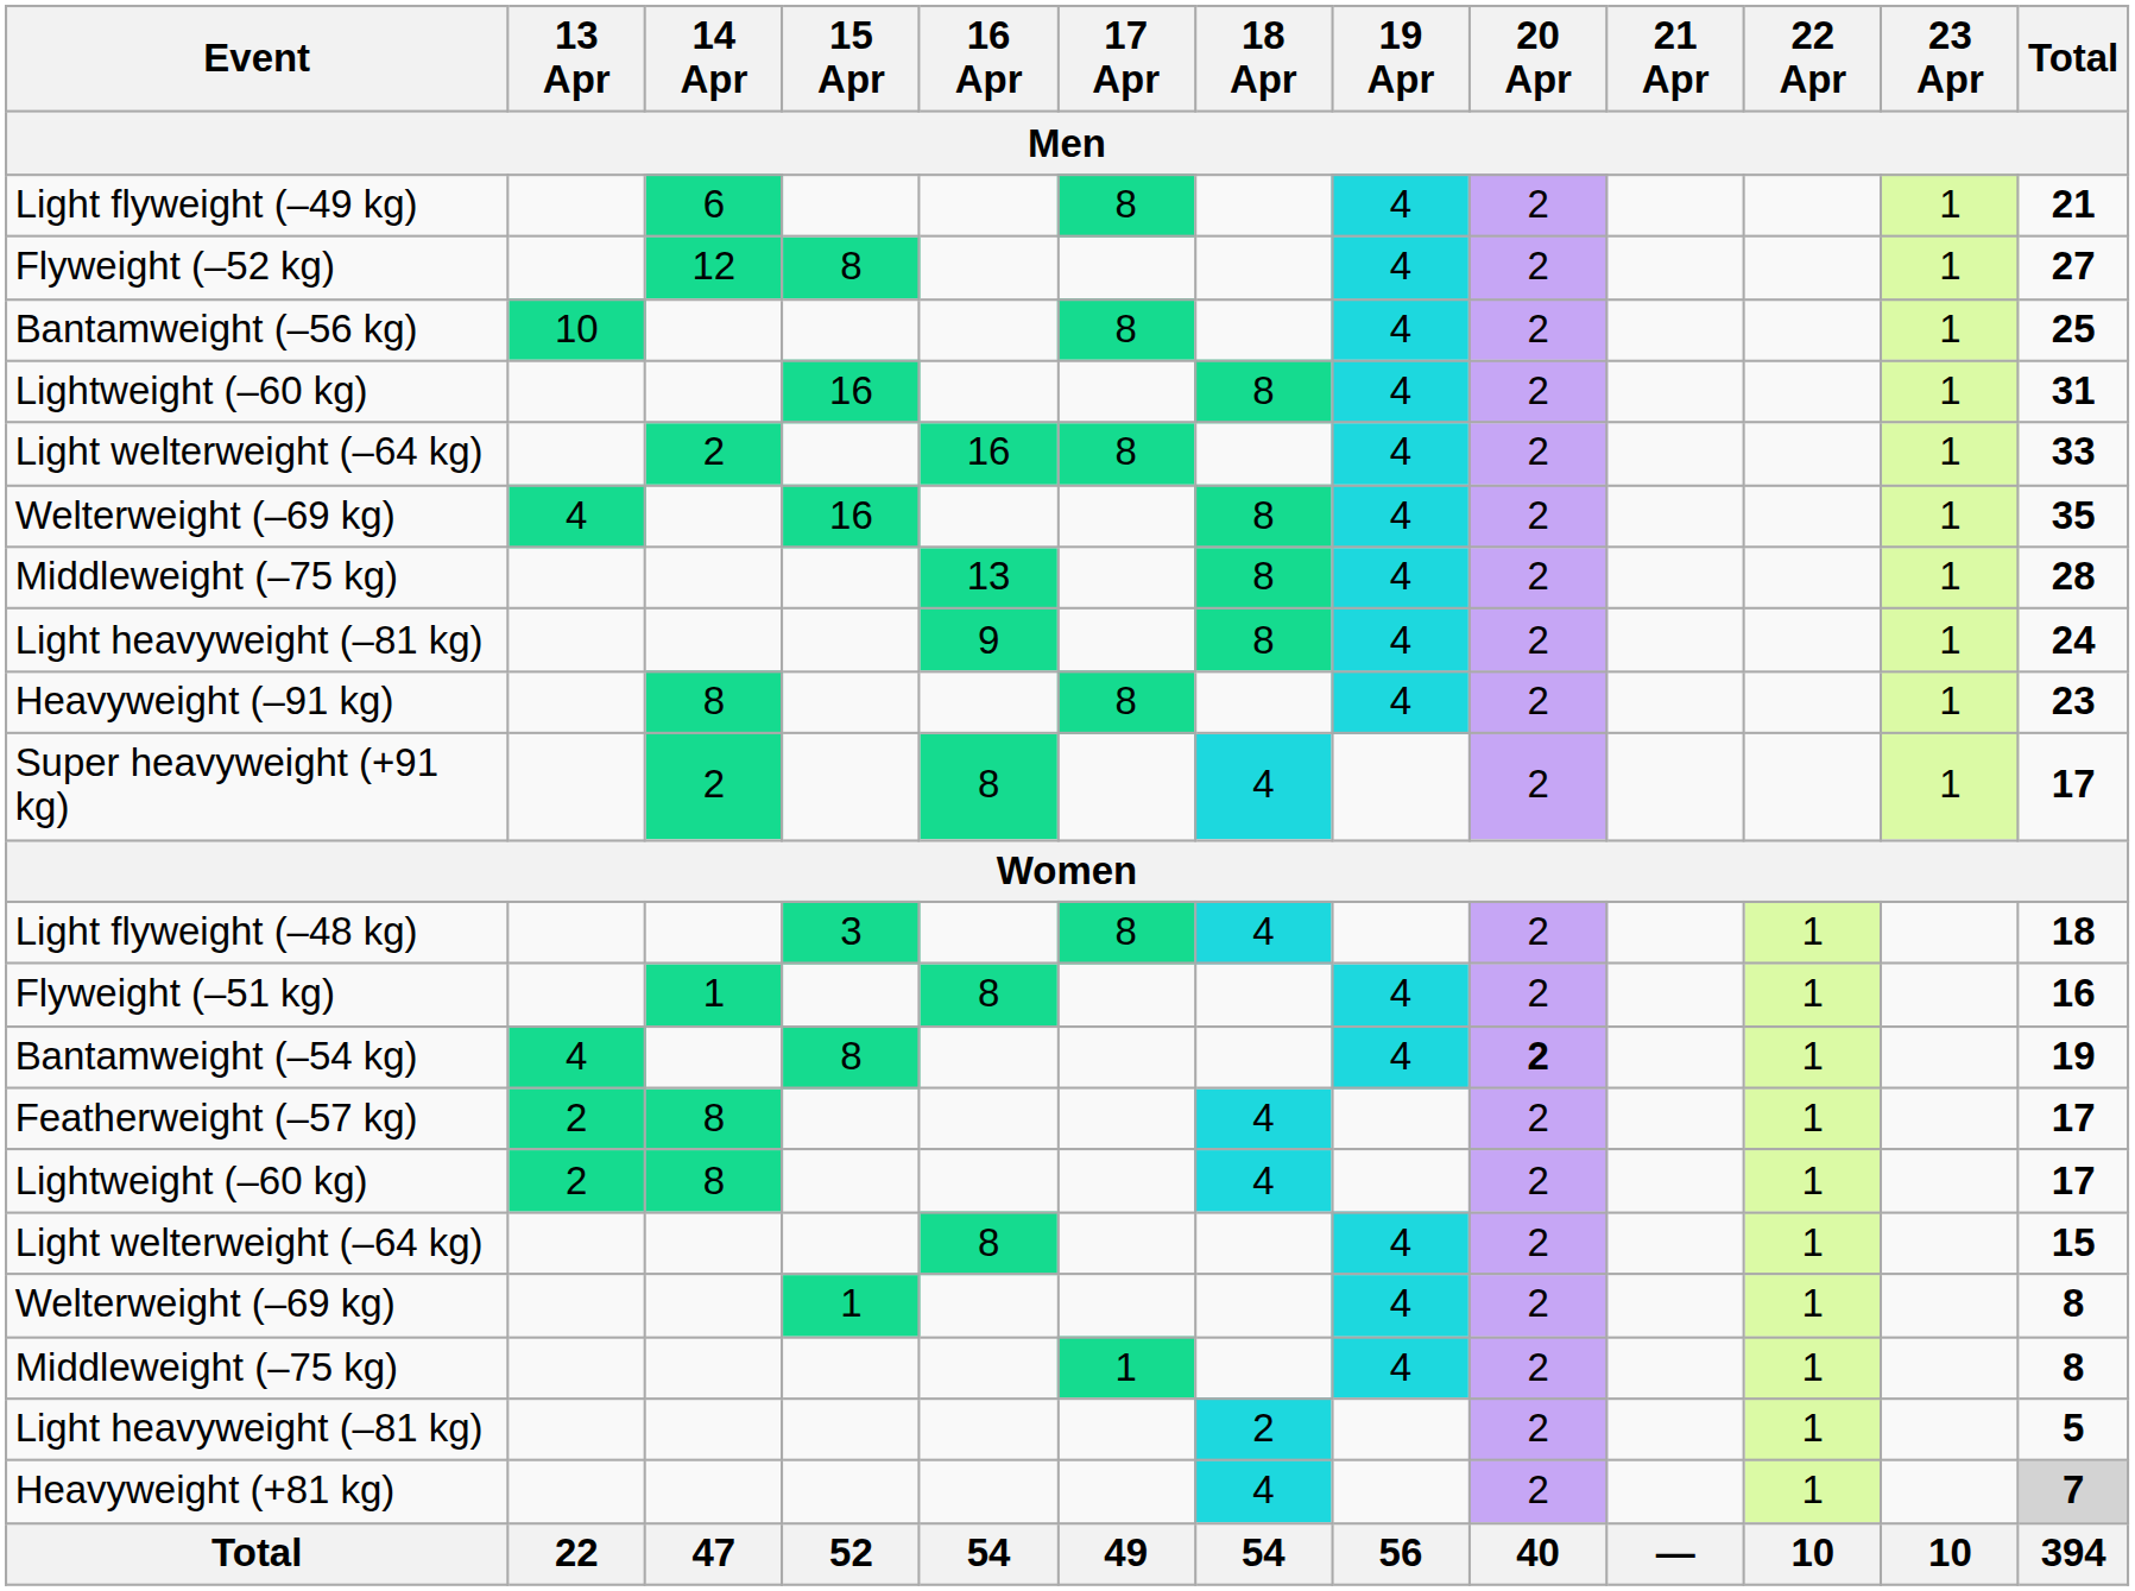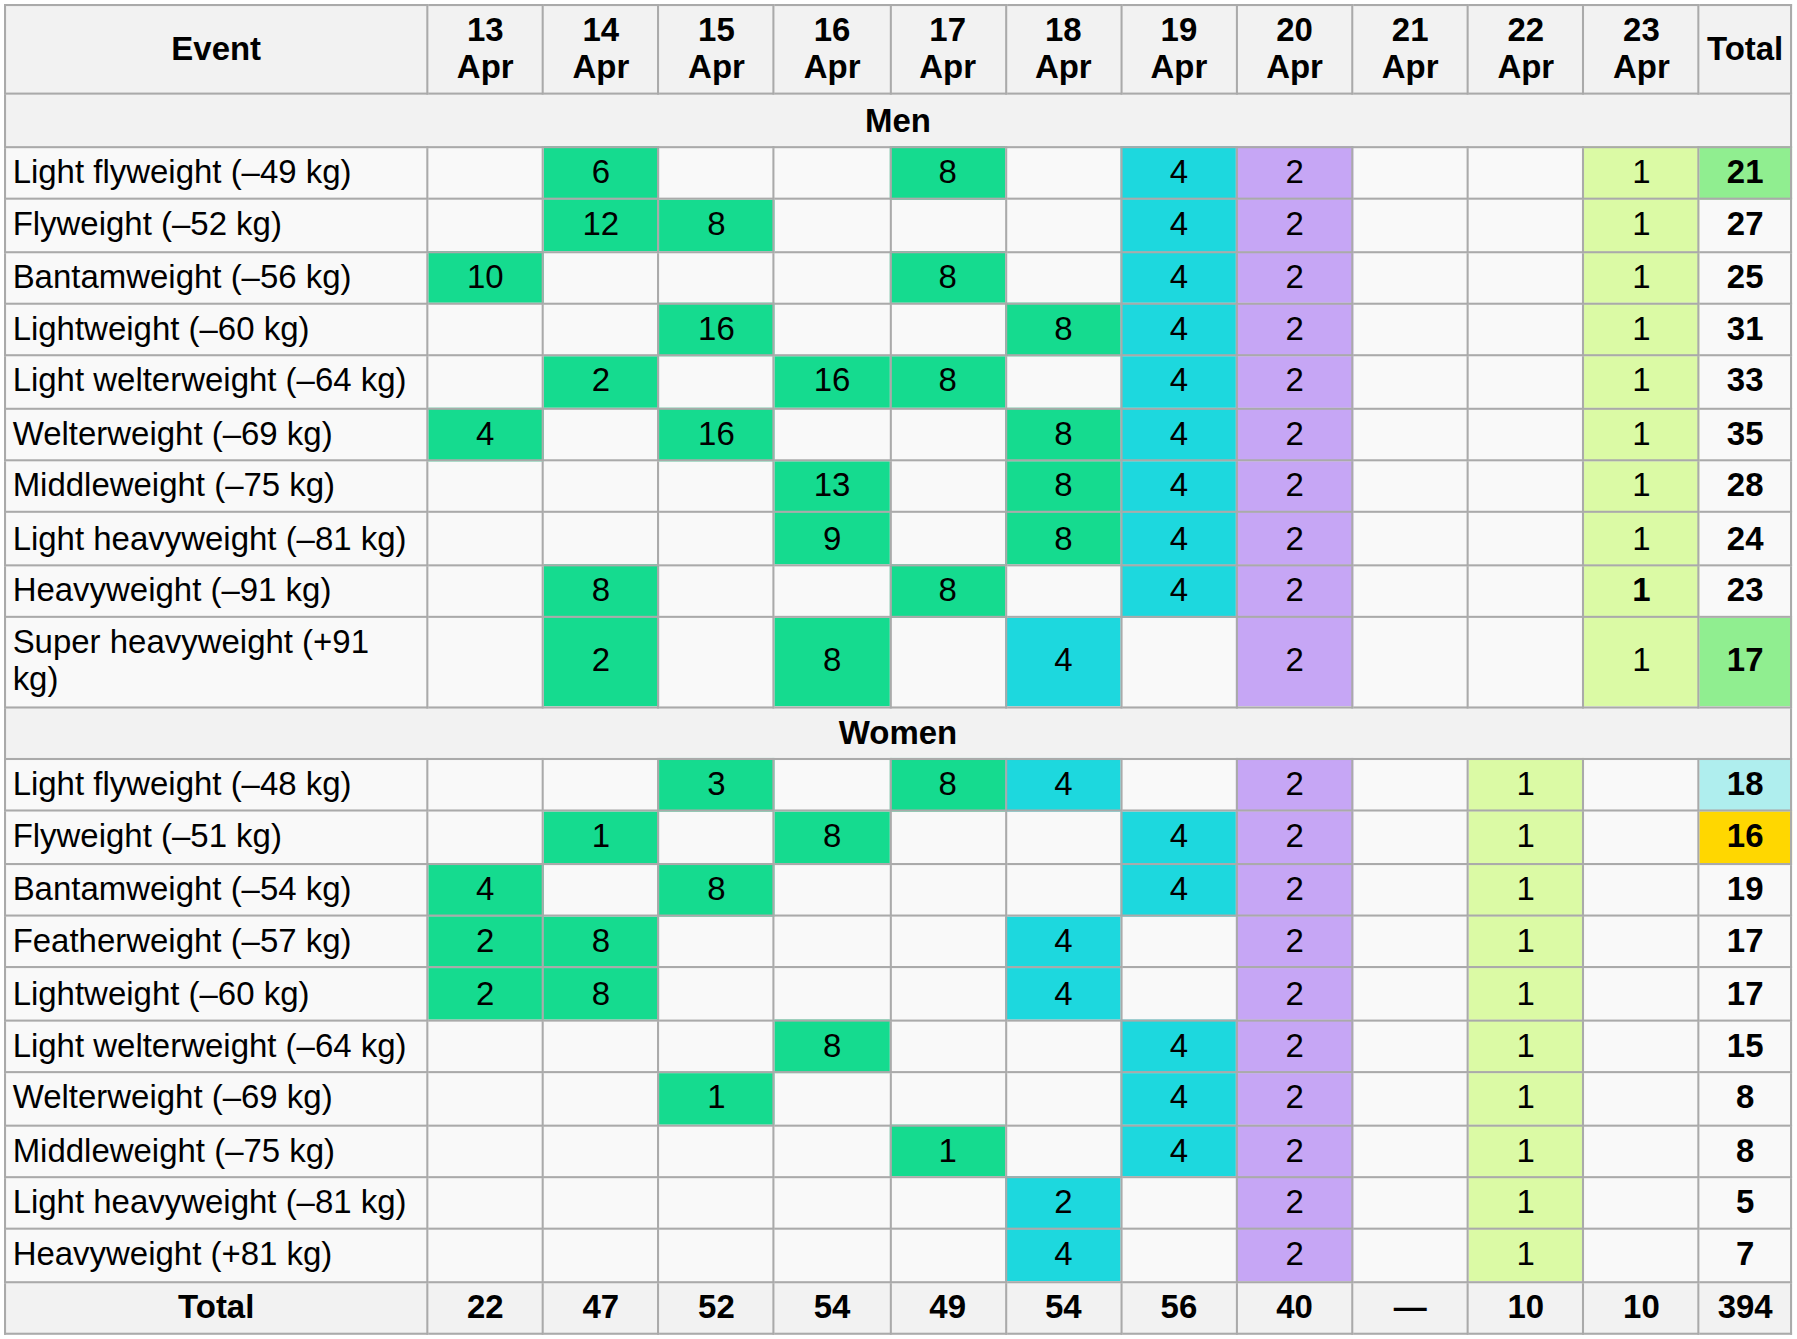 <table class="wikitable" style="text-align:center">
 <tr>
 <th>Event</th>
 <th>13 Apr</th>
 <th>14 Apr</th>
 <th>15 Apr</th>
 <th>16 Apr</th>
 <th>17 Apr</th>
 <th>18 Apr</th>
 <th>19 Apr</th>
 <th>20 Apr</th>
 <th>21 Apr</th>
 <th>22 Apr</th>
 <th>23 Apr</th>
 <th>Total</th>
 </tr>
 <tr>
 <th colspan="13">Men</th>
 </tr>
 <tr>
 <td style="text-align:left">Light flyweight (–49 kg)</td>
 <td></td>
 <td style="background:#15DB8F">6</td>
 <td></td>
 <td></td>
 <td style="background:#15DB8F">8</td>
 <td></td>
 <td style="background:#1DD8DE">4</td>
 <td style="background:#C6A6F5">2</td>
 <td></td>
 <td></td>
 <td style="background:#DBFAA5">1</td>
-<td><strong>21</strong></td>
+<td style="background: lightgreen;"><strong>21</strong></td>
 </tr>
 <tr>
 <td style="text-align:left">Flyweight (–52 kg)</td>
 <td></td>
 <td style="background:#15DB8F">12</td>
 <td style="background:#15DB8F">8</td>
 <td></td>
 <td></td>
 <td></td>
 <td style="background:#1DD8DE">4</td>
 <td style="background:#C6A6F5">2</td>
 <td></td>
 <td></td>
 <td style="background:#DBFAA5">1</td>
 <td><strong>27</strong></td>
 </tr>
 <tr>
 <td style="text-align:left">Bantamweight (–56 kg)</td>
 <td style="background:#15DB8F">10</td>
 <td></td>
 <td></td>
 <td></td>
 <td style="background:#15DB8F">8</td>
 <td></td>
 <td style="background:#1DD8DE">4</td>
 <td style="background:#C6A6F5">2</td>
 <td></td>
 <td></td>
 <td style="background:#DBFAA5">1</td>
 <td><strong>25</strong></td>
 </tr>
 <tr>
 <td style="text-align:left">Lightweight (–60 kg)</td>
 <td></td>
 <td></td>
 <td style="background:#15DB8F">16</td>
 <td></td>
 <td></td>
 <td style="background:#15DB8F">8</td>
 <td style="background:#1DD8DE">4</td>
 <td style="background:#C6A6F5">2</td>
 <td></td>
 <td></td>
 <td style="background:#DBFAA5">1</td>
 <td><strong>31</strong></td>
 </tr>
 <tr>
 <td style="text-align:left">Light welterweight (–64 kg)</td>
 <td></td>
 <td style="background:#15DB8F">2</td>
 <td></td>
 <td style="background:#15DB8F">16</td>
 <td style="background:#15DB8F">8</td>
 <td></td>
 <td style="background:#1DD8DE">4</td>
 <td style="background:#C6A6F5">2</td>
 <td></td>
 <td></td>
 <td style="background:#DBFAA5">1</td>
 <td><strong>33</strong></td>
 </tr>
 <tr>
 <td style="text-align:left">Welterweight (–69 kg)</td>
 <td style="background:#15DB8F">4</td>
 <td></td>
 <td style="background:#15DB8F">16</td>
 <td></td>
 <td></td>
 <td style="background:#15DB8F">8</td>
 <td style="background:#1DD8DE">4</td>
 <td style="background:#C6A6F5">2</td>
 <td></td>
 <td></td>
 <td style="background:#DBFAA5">1</td>
 <td><strong>35</strong></td>
 </tr>
 <tr>
 <td style="text-align:left">Middleweight (–75 kg)</td>
 <td></td>
 <td></td>
 <td></td>
 <td style="background:#15DB8F">13</td>
 <td></td>
 <td style="background:#15DB8F">8</td>
 <td style="background:#1DD8DE">4</td>
 <td style="background:#C6A6F5">2</td>
 <td></td>
 <td></td>
 <td style="background:#DBFAA5">1</td>
 <td><strong>28</strong></td>
 </tr>
 <tr>
 <td style="text-align:left">Light heavyweight (–81 kg)</td>
 <td></td>
 <td></td>
 <td></td>
 <td style="background:#15DB8F">9</td>
 <td></td>
 <td style="background:#15DB8F">8</td>
 <td style="background:#1DD8DE">4</td>
 <td style="background:#C6A6F5">2</td>
 <td></td>
 <td></td>
 <td style="background:#DBFAA5">1</td>
 <td><strong>24</strong></td>
 </tr>
 <tr>
 <td style="text-align:left">Heavyweight (–91 kg)</td>
 <td></td>
 <td style="background:#15DB8F">8</td>
 <td></td>
 <td></td>
 <td style="background:#15DB8F">8</td>
 <td></td>
 <td style="background:#1DD8DE">4</td>
 <td style="background:#C6A6F5">2</td>
 <td></td>
 <td></td>
-<td style="background:#DBFAA5">1</td>
+<td style="background:#DBFAA5"><strong>1</strong></td>
 <td><strong>23</strong></td>
 </tr>
 <tr>
 <td style="text-align:left">Super heavyweight (+91 kg)</td>
 <td></td>
 <td style="background:#15DB8F">2</td>
 <td></td>
 <td style="background:#15DB8F">8</td>
 <td></td>
 <td style="background:#1DD8DE">4</td>
 <td></td>
 <td style="background:#C6A6F5">2</td>
 <td></td>
 <td></td>
 <td style="background:#DBFAA5">1</td>
-<td><strong>17</strong></td>
+<td style="background: lightgreen;"><strong>17</strong></td>
 </tr>
 <tr>
 <th colspan="13">Women</th>
 </tr>
 <tr>
 <td style="text-align:left">Light flyweight (–48 kg)</td>
 <td></td>
 <td></td>
 <td style="background:#15DB8F">3</td>
 <td></td>
 <td style="background:#15DB8F">8</td>
 <td style="background:#1DD8DE">4</td>
 <td></td>
 <td style="background:#C6A6F5">2</td>
 <td></td>
 <td style="background:#DBFAA5">1</td>
 <td></td>
-<td><strong>18</strong></td>
+<td style="background: paleturquoise;"><strong>18</strong></td>
 </tr>
 <tr>
 <td style="text-align:left">Flyweight (–51 kg)</td>
 <td></td>
 <td style="background:#15DB8F">1</td>
 <td></td>
 <td style="background:#15DB8F">8</td>
 <td></td>
 <td></td>
 <td style="background:#1DD8DE">4</td>
 <td style="background:#C6A6F5">2</td>
 <td></td>
 <td style="background:#DBFAA5">1</td>
 <td></td>
-<td><strong>16</strong></td>
+<td style="background: gold;"><strong>16</strong></td>
 </tr>
 <tr>
 <td style="text-align:left">Bantamweight (–54 kg)</td>
 <td style="background:#15DB8F">4</td>
 <td></td>
 <td style="background:#15DB8F">8</td>
 <td></td>
 <td></td>
 <td></td>
 <td style="background:#1DD8DE">4</td>
-<td style="background:#C6A6F5"><strong>2</strong></td>
+<td style="background:#C6A6F5">2</td>
 <td></td>
 <td style="background:#DBFAA5">1</td>
 <td></td>
 <td><strong>19</strong></td>
 </tr>
 <tr>
 <td style="text-align:left">Featherweight (–57 kg)</td>
 <td style="background:#15DB8F">2</td>
 <td style="background:#15DB8F">8</td>
 <td></td>
 <td></td>
 <td></td>
 <td style="background:#1DD8DE">4</td>
 <td></td>
 <td style="background:#C6A6F5">2</td>
 <td></td>
 <td style="background:#DBFAA5">1</td>
 <td></td>
 <td><strong>17</strong></td>
 </tr>
 <tr>
 <td style="text-align:left">Lightweight (–60 kg)</td>
 <td style="background:#15DB8F">2</td>
 <td style="background:#15DB8F">8</td>
 <td></td>
 <td></td>
 <td></td>
 <td style="background:#1DD8DE">4</td>
 <td></td>
 <td style="background:#C6A6F5">2</td>
 <td></td>
 <td style="background:#DBFAA5">1</td>
 <td></td>
 <td><strong>17</strong></td>
 </tr>
 <tr>
 <td style="text-align:left">Light welterweight (–64 kg)</td>
 <td></td>
 <td></td>
 <td></td>
 <td style="background:#15DB8F">8</td>
 <td></td>
 <td></td>
 <td style="background:#1DD8DE">4</td>
 <td style="background:#C6A6F5">2</td>
 <td></td>
 <td style="background:#DBFAA5">1</td>
 <td></td>
 <td><strong>15</strong></td>
 </tr>
 <tr>
 <td style="text-align:left">Welterweight (–69 kg)</td>
 <td></td>
 <td></td>
 <td style="background:#15DB8F">1</td>
 <td></td>
 <td></td>
 <td></td>
 <td style="background:#1DD8DE">4</td>
 <td style="background:#C6A6F5">2</td>
 <td></td>
 <td style="background:#DBFAA5">1</td>
 <td></td>
 <td><strong>8</strong></td>
 </tr>
 <tr>
 <td style="text-align:left">Middleweight (–75 kg)</td>
 <td></td>
 <td></td>
 <td></td>
 <td></td>
 <td style="background:#15DB8F">1</td>
 <td></td>
 <td style="background:#1DD8DE">4</td>
 <td style="background:#C6A6F5">2</td>
 <td></td>
 <td style="background:#DBFAA5">1</td>
 <td></td>
 <td><strong>8</strong></td>
 </tr>
 <tr>
 <td style="text-align:left">Light heavyweight (–81 kg)</td>
 <td></td>
 <td></td>
 <td></td>
 <td></td>
 <td></td>
 <td style="background:#1DD8DE">2</td>
 <td></td>
 <td style="background:#C6A6F5">2</td>
 <td></td>
 <td style="background:#DBFAA5">1</td>
 <td></td>
 <td><strong>5</strong></td>
 </tr>
 <tr>
 <td style="text-align:left">Heavyweight (+81 kg)</td>
 <td></td>
 <td></td>
 <td></td>
 <td></td>
 <td></td>
 <td style="background:#1DD8DE">4</td>
 <td></td>
 <td style="background:#C6A6F5">2</td>
 <td></td>
 <td style="background:#DBFAA5">1</td>
 <td></td>
-<td style="background: lightgrey;"><strong>7</strong></td>
+<td><strong>7</strong></td>
 </tr>
 <tr>
 <th>Total</th>
 <th>22</th>
 <th>47</th>
 <th>52</th>
 <th>54</th>
 <th>49</th>
 <th>54</th>
 <th>56</th>
 <th>40</th>
 <th>—</th>
 <th>10</th>
 <th>10</th>
 <th>394</th>
 </tr>
 </table>
